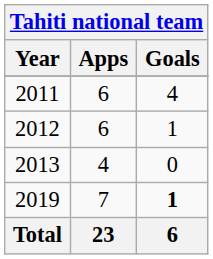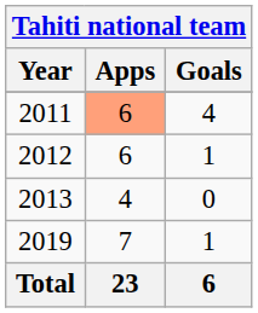 <table class="wikitable" style="text-align:center">
 <tr>
 <th colspan=3><a href='#'>Tahiti national team</a></th>
 </tr>
 <tr>
 <th>Year</th>
 <th>Apps</th>
 <th>Goals</th>
 </tr>
 <tr>
 </tr>
 <tr>
 <td>2011</td>
-<td>6</td>
+<td style="background: lightsalmon;">6</td>
 <td>4</td>
 </tr>
 <tr>
 <td>2012</td>
 <td>6</td>
 <td>1</td>
 </tr>
 <tr>
 <td>2013</td>
 <td>4</td>
 <td>0</td>
 </tr>
 <tr>
 <td>2019</td>
 <td>7</td>
-<td><strong>1</strong></td>
+<td>1</td>
 </tr>
 <tr>
 <th>Total</th>
 <th>23</th>
 <th>6</th>
 </tr>
 </table>
